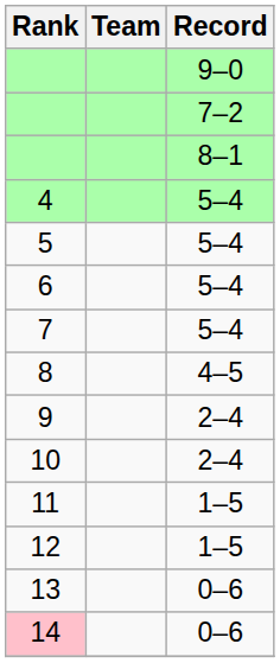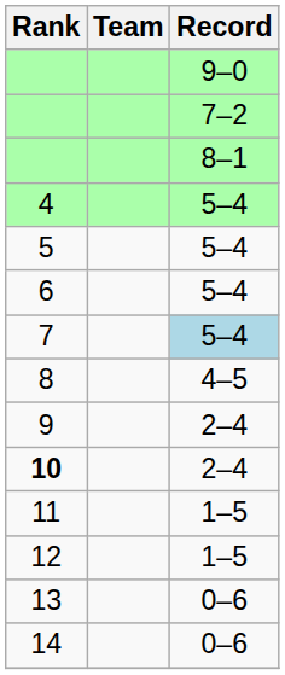 <table class="wikitable">
 <tr>
 <th>Rank</th>
 <th>Team</th>
 <th>Record</th>
 </tr>
 <tr bgcolor="#aaffaa">
 <td align=center></td>
 <td></td>
 <td align=center>9–0</td>
 </tr>
 <tr bgcolor="#aaffaa">
 <td align=center></td>
 <td></td>
 <td align=center>7–2</td>
 </tr>
 <tr bgcolor="#aaffaa">
 <td align=center></td>
 <td></td>
 <td align=center>8–1</td>
 </tr>
 <tr bgcolor="#aaffaa">
 <td align=center>4</td>
 <td></td>
 <td align=center>5–4</td>
 </tr>
 <tr>
 <td align=center>5</td>
 <td></td>
 <td align=center>5–4</td>
 </tr>
 <tr>
 <td align=center>6</td>
 <td></td>
 <td align=center>5–4</td>
 </tr>
 <tr>
 <td align=center>7</td>
 <td></td>
-<td align=center>5–4</td>
+<td align=center style="background: lightblue;">5–4</td>
 </tr>
 <tr>
 <td align=center>8</td>
 <td></td>
 <td align=center>4–5</td>
 </tr>
 <tr>
 <td align=center>9</td>
 <td></td>
 <td align=center>2–4</td>
 </tr>
 <tr>
-<td align=center>10</td>
+<td align=center><strong>10</strong></td>
 <td></td>
 <td align=center>2–4</td>
 </tr>
 <tr>
 <td align=center>11</td>
 <td></td>
 <td align=center>1–5</td>
 </tr>
 <tr>
 <td align=center>12</td>
 <td></td>
 <td align=center>1–5</td>
 </tr>
 <tr>
 <td align=center>13</td>
 <td></td>
 <td align=center>0–6</td>
 </tr>
 <tr>
-<td align=center style="background: pink;">14</td>
+<td align=center>14</td>
 <td></td>
 <td align=center>0–6</td>
 </tr>
 <tr>
 </tr>
 </table>
